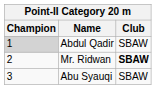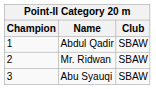 <table class="wikitable">
 <tr>
 <th colspan="3"><strong>Point-II Category 20 m</strong></th>
 </tr>
 <tr>
 <th>Champion</th>
 <th>Name</th>
 <th>Club</th>
 </tr>
 <tr>
-<td style="background: lightgrey;">1</td>
+<td>1</td>
 <td>Abdul Qadir</td>
 <td>SBAW</td>
 </tr>
 <tr>
 <td>2</td>
 <td>Mr. Ridwan</td>
-<td><strong>SBAW</strong></td>
+<td>SBAW</td>
 </tr>
 <tr>
 <td>3</td>
 <td>Abu Syauqi</td>
 <td>SBAW</td>
 </tr>
 </table>
